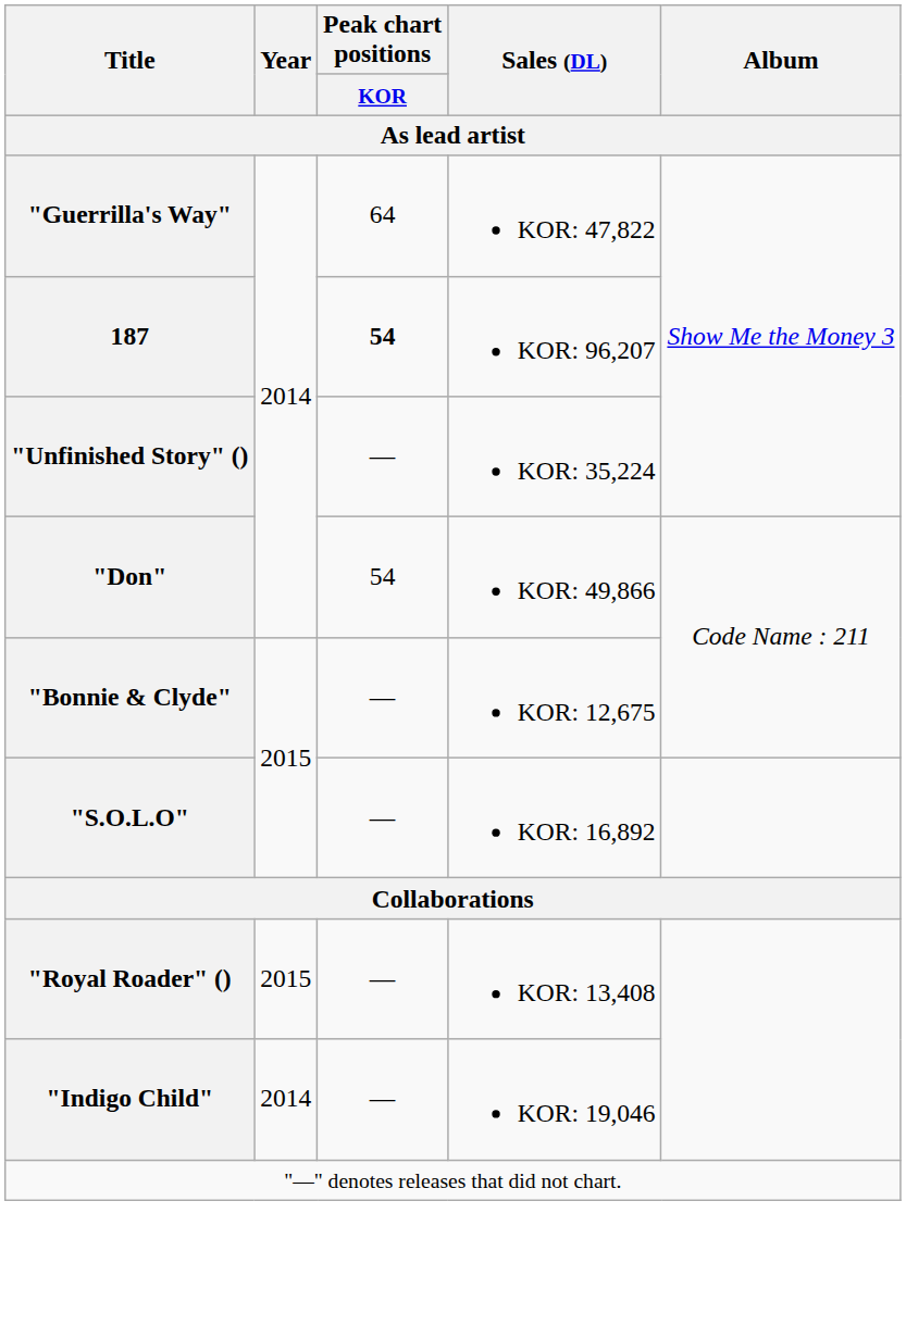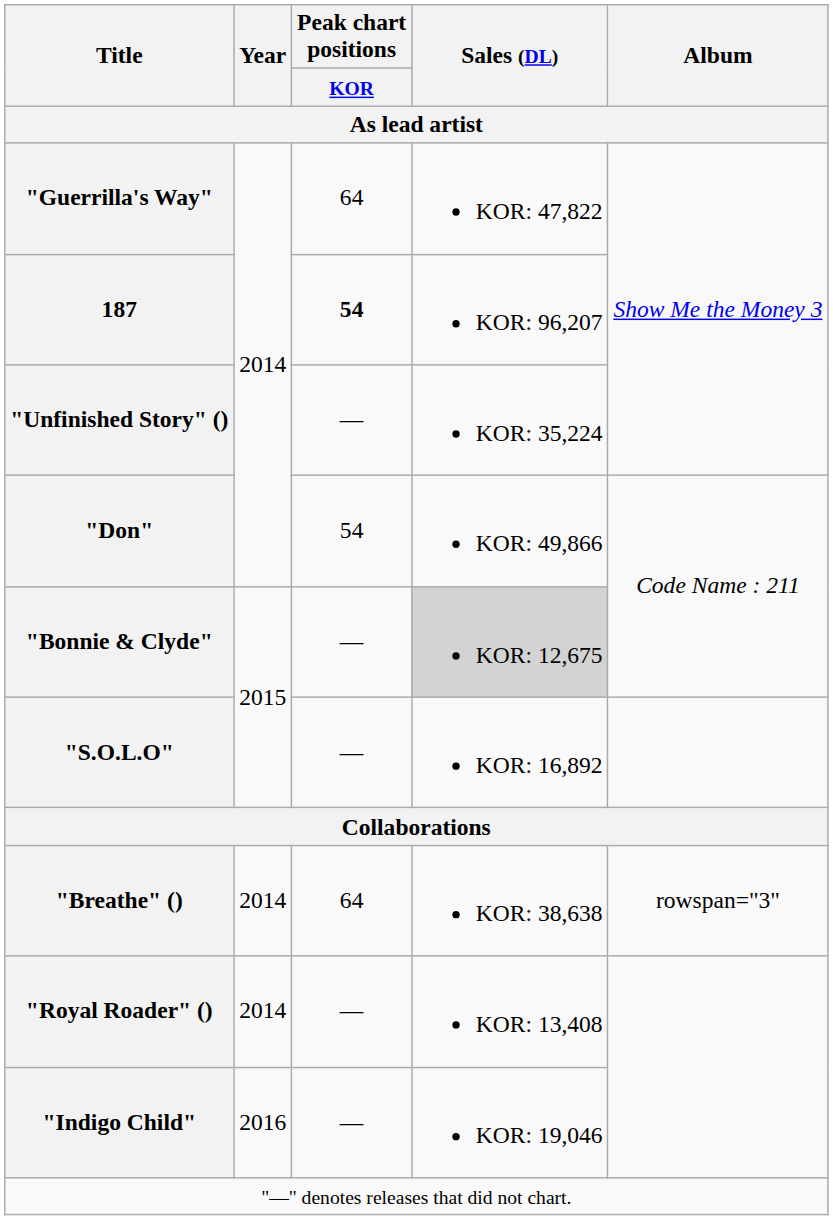 <table class="wikitable plainrowheaders" style="text-align:center">
 <tr>
 <th scope="col" rowspan="2">Title</th>
 <th scope="col" rowspan="2">Year</th>
 <th scope="col" colspan="1">Peak chart <br> positions</th>
 <th scope="col" rowspan="2">Sales <small>(<a href='#'>DL</a>)</small></th>
 <th scope="col" rowspan="2">Album</th>
 </tr>
 <tr>
 <th><small><a href='#'>KOR</a></small><br></th>
 </tr>
 <tr>
 <th scope="col" colspan="5">As lead artist</th>
 </tr>
 <tr>
 <th scope="row">"Guerrilla's Way"</th>
 <td rowspan="4">2014</td>
 <td>64</td>
 <td><br><ul><li>KOR: 47,822</li></ul></td>
 <td rowspan="3"><em><a href='#'>Show Me the Money 3</a></em></td>
 </tr>
 <tr>
 <th scope="row">187<br></th>
 <td><strong>54</strong></td>
 <td><br><ul><li>KOR: 96,207</li></ul></td>
 </tr>
 <tr>
 <th scope="row">"Unfinished Story" ()<br></th>
 <td>—</td>
 <td><br><ul><li>KOR: 35,224</li></ul></td>
 </tr>
 <tr>
 <th scope="row">"Don"<br></th>
 <td>54</td>
 <td><br><ul><li>KOR: 49,866</li></ul></td>
 <td rowspan="2"><em>Code Name : 211</em></td>
 </tr>
 <tr>
 <th scope="row">"Bonnie & Clyde"<br></th>
 <td rowspan="2">2015</td>
 <td>—</td>
-<td><br><ul><li>KOR: 12,675</li></ul></td>
+<td style="background: lightgrey;"><br><ul><li>KOR: 12,675</li></ul></td>
 </tr>
 <tr>
 <th scope="row">"S.O.L.O"<br></th>
 <td>—</td>
 <td><br><ul><li>KOR: 16,892</li></ul></td>
 <td></td>
 </tr>
 <tr>
 <th scope="col" colspan="5">Collaborations</th>
 </tr>
 <tr>
+<th scope="row">"Breathe" ()<br></th>
+<td>2014</td>
+<td>64</td>
+<td><br><ul><li>KOR: 38,638</li></ul></td>
+<td>rowspan="3" </td>
+</tr>
+<tr>
 <th scope="row">"Royal Roader" ()<br></th>
-<td>2015</td>
+<td>2014</td>
 <td>—</td>
 <td><br><ul><li>KOR: 13,408</li></ul></td>
 </tr>
 <tr>
 <th scope="row">"Indigo Child"<br></th>
-<td>2014</td>
+<td>2016</td>
 <td>—</td>
 <td><br><ul><li>KOR: 19,046</li></ul></td>
 </tr>
 <tr>
 <td colspan="5" align="center"><small>"—" denotes releases that did not chart.</small></td>
 </tr>
 </table>
